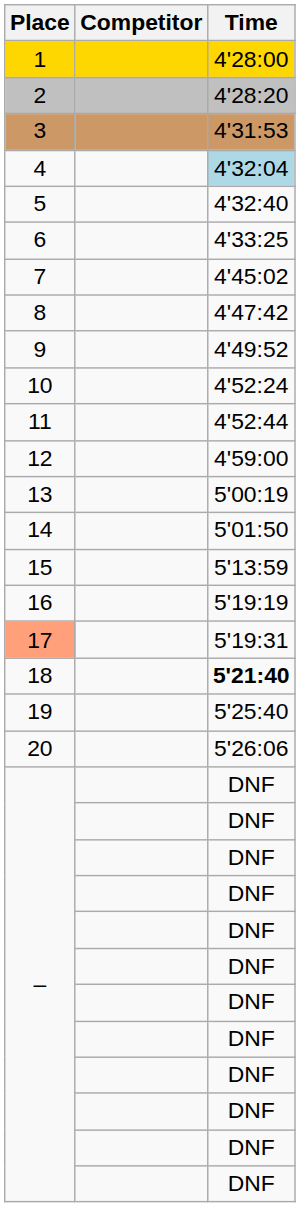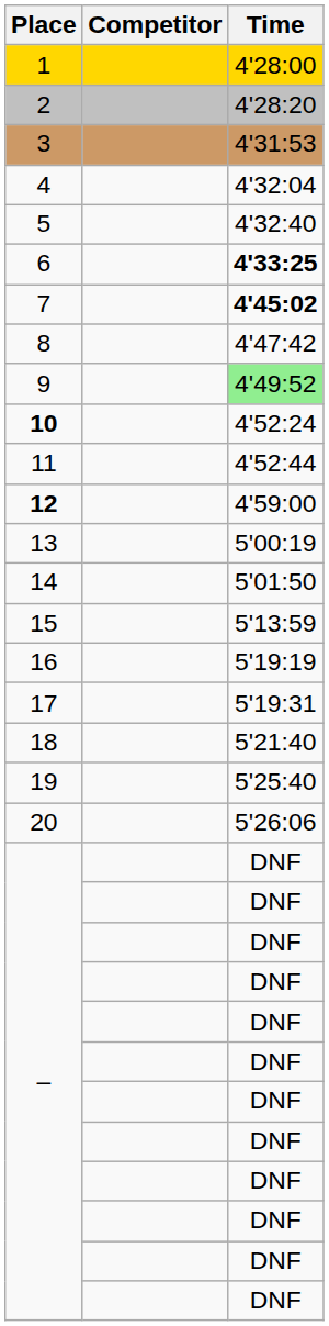 <table class=wikitable style="text-align:center">
 <tr>
 <th>Place</th>
 <th>Competitor</th>
 <th>Time</th>
 </tr>
 <tr align=center bgcolor=gold>
 <td>1</td>
 <td align=left></td>
 <td>4'28:00</td>
 </tr>
 <tr align=center bgcolor=silver>
 <td>2</td>
 <td align=left></td>
 <td>4'28:20</td>
 </tr>
 <tr align=center bgcolor=cc9966>
 <td>3</td>
 <td align=left></td>
 <td>4'31:53</td>
 </tr>
 <tr>
 <td>4</td>
 <td align=left></td>
-<td style="background: lightblue;">4'32:04</td>
+<td>4'32:04</td>
 </tr>
 <tr>
 <td>5</td>
 <td align=left></td>
 <td>4'32:40</td>
 </tr>
 <tr>
 <td>6</td>
 <td align=left></td>
-<td>4'33:25</td>
+<td><strong>4'33:25</strong></td>
 </tr>
 <tr>
 <td>7</td>
 <td align=left></td>
-<td>4'45:02</td>
+<td><strong>4'45:02</strong></td>
 </tr>
 <tr>
 <td>8</td>
 <td align=left></td>
 <td>4'47:42</td>
 </tr>
 <tr>
 <td>9</td>
 <td align=left></td>
-<td>4'49:52</td>
+<td style="background: lightgreen;">4'49:52</td>
 </tr>
 <tr>
-<td>10</td>
+<td><strong>10</strong></td>
 <td align=left></td>
 <td>4'52:24</td>
 </tr>
 <tr>
 <td>11</td>
 <td align=left></td>
 <td>4'52:44</td>
 </tr>
 <tr>
-<td>12</td>
+<td><strong>12</strong></td>
 <td align=left></td>
 <td>4'59:00</td>
 </tr>
 <tr>
 <td>13</td>
 <td align=left></td>
 <td>5'00:19</td>
 </tr>
 <tr>
 <td>14</td>
 <td align=left></td>
 <td>5'01:50</td>
 </tr>
 <tr>
 <td>15</td>
 <td align=left></td>
 <td>5'13:59</td>
 </tr>
 <tr>
 <td>16</td>
 <td align=left></td>
 <td>5'19:19</td>
 </tr>
 <tr>
-<td style="background: lightsalmon;">17</td>
+<td>17</td>
 <td align=left></td>
 <td>5'19:31</td>
 </tr>
 <tr>
 <td>18</td>
 <td align=left></td>
-<td><strong>5'21:40</strong></td>
+<td>5'21:40</td>
 </tr>
 <tr>
 <td>19</td>
 <td align=left></td>
 <td>5'25:40</td>
 </tr>
 <tr>
 <td>20</td>
 <td align=left></td>
 <td>5'26:06</td>
 </tr>
 <tr>
 <td rowspan=12>–</td>
 <td align=left></td>
 <td>DNF</td>
 </tr>
 <tr>
 <td align=left></td>
 <td>DNF</td>
 </tr>
 <tr>
 <td align=left></td>
 <td>DNF</td>
 </tr>
 <tr>
 <td align=left></td>
 <td>DNF</td>
 </tr>
 <tr>
 <td align=left></td>
 <td>DNF</td>
 </tr>
 <tr>
 <td align=left></td>
 <td>DNF</td>
 </tr>
 <tr>
 <td align=left></td>
 <td>DNF</td>
 </tr>
 <tr>
 <td align=left></td>
 <td>DNF</td>
 </tr>
 <tr>
 <td align=left></td>
 <td>DNF</td>
 </tr>
 <tr>
 <td align=left></td>
 <td>DNF</td>
 </tr>
 <tr>
 <td align=left></td>
 <td>DNF</td>
 </tr>
 <tr>
 <td align=left></td>
 <td>DNF</td>
 </tr>
 </table>
